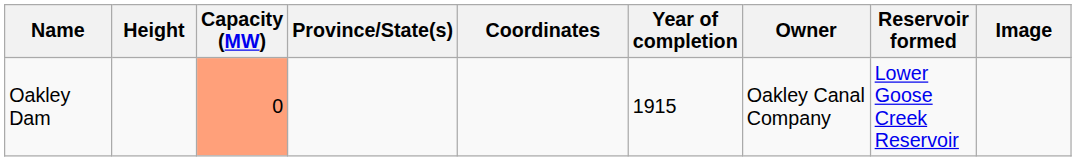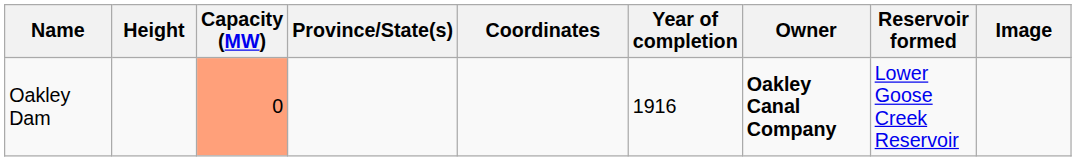 <table class="wikitable sortable" border="1">
 <tr>
 <th width="10%">Name</th>
 <th width="8%">Height</th>
 <th width="8%">Capacity (<a href='#'>MW</a>)</th>
 <th width="15%">Province/State(s)</th>
 <th width="16%">Coordinates</th>
 <th width="10%">Year of completion</th>
 <th width="12%">Owner</th>
 <th width="10%">Reservoir formed</th>
 <th>Image</th>
 </tr>
 <tr>
 <td>Oakley Dam</td>
 <td></td>
 <td align="right" style="background: lightsalmon;">0</td>
 <td></td>
 <td></td>
-<td>1915</td>
-<td>Oakley Canal Company</td>
+<td>1916</td>
+<td><strong>Oakley Canal Company</strong></td>
 <td><a href='#'>Lower Goose Creek Reservoir</a></td>
 <td></td>
 </tr>
 </table>
